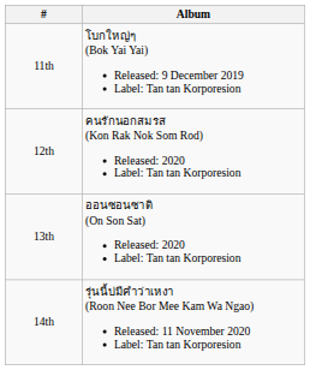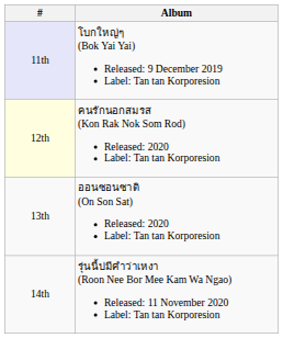 <table class="wikitable">
 <tr>
 <th width="100">#</th>
 <th width="300">Album</th>
 </tr>
 <tr>
-<td style="text-align:center;">11th</td>
+<td style="background: lavender; text-align:center;">11th</td>
 <td>โบกใหญ่ๆ<br>(Bok Yai Yai)<ul><li>Released: 9 December 2019</li><li>Label: Tan tan Korporesion</li></ul></td>
 </tr>
 <tr>
-<td style="text-align:center;">12th</td>
+<td style="background: lightyellow; text-align:center;">12th</td>
 <td>คนรักนอกสมรส<br>(Kon Rak Nok Som Rod)<ul><li>Released: 2020</li><li>Label: Tan tan Korporesion</li></ul></td>
 </tr>
 <tr>
 <td style="text-align:center;">13th</td>
 <td>ออนซอนซาติ<br>(On Son Sat)<ul><li>Released: 2020</li><li>Label: Tan tan Korporesion</li></ul></td>
 </tr>
 <tr>
 <td style="text-align:center;">14th</td>
 <td>รุ่นนี้บ่มีคำว่าเหงา<br>(Roon Nee Bor Mee Kam Wa Ngao)<ul><li>Released: 11 November 2020</li><li>Label: Tan tan Korporesion</li></ul></td>
 </tr>
 </table>
